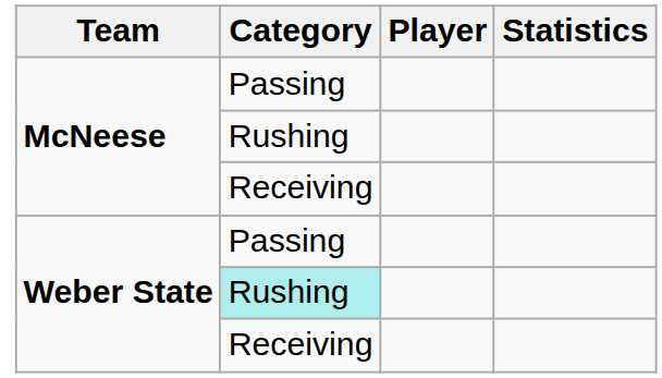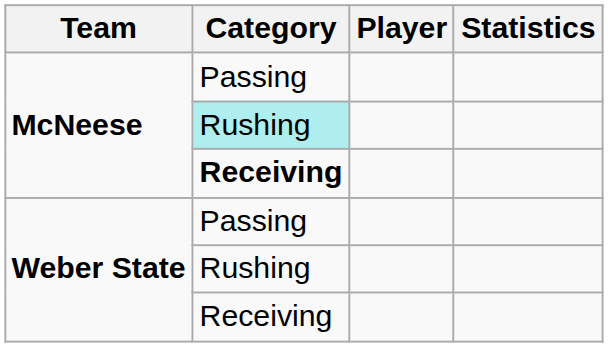 <table class="wikitable" style="float: right;">
 <tr>
 <th>Team</th>
 <th>Category</th>
 <th>Player</th>
 <th>Statistics</th>
 </tr>
 <tr>
 <td rowspan=3><strong>McNeese</strong></td>
 <td>Passing</td>
 <td></td>
 <td></td>
 </tr>
 <tr>
-<td>Rushing</td>
+<td style="background: paleturquoise;">Rushing</td>
 <td></td>
 <td></td>
 </tr>
 <tr>
-<td>Receiving</td>
+<td><strong>Receiving</strong></td>
 <td></td>
 <td></td>
 </tr>
 <tr>
 <td rowspan=3><strong>Weber State</strong></td>
 <td>Passing</td>
 <td></td>
 <td></td>
 </tr>
 <tr>
-<td style="background: paleturquoise;">Rushing</td>
+<td>Rushing</td>
 <td></td>
 <td></td>
 </tr>
 <tr>
 <td>Receiving</td>
 <td></td>
 <td></td>
 </tr>
 </table>
